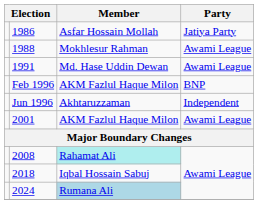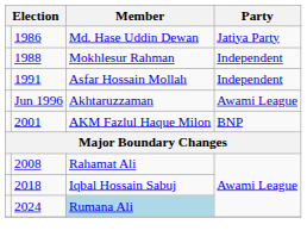 <table class="wikitable">
 <tr>
 <th colspan="2">Election</th>
 <th>Member</th>
 <th>Party</th>
 </tr>
 <tr>
 <td style="background-color:"></td>
 <td><a href='#'>1986</a></td>
-<td><a href='#'>Asfar Hossain Mollah</a></td>
+<td><a href='#'>Md. Hase Uddin Dewan</a></td>
 <td><a href='#'>Jatiya Party</a></td>
 </tr>
 <tr>
 <td style="background-color:"></td>
 <td><a href='#'>1988</a></td>
 <td><a href='#'>Mokhlesur Rahman</a></td>
-<td><a href='#'>Awami League</a></td>
+<td><a href='#'>Independent</a></td>
 </tr>
 <tr>
 <td style="background-color:"></td>
 <td><a href='#'>1991</a></td>
-<td><a href='#'>Md. Hase Uddin Dewan</a></td>
-<td><a href='#'>Awami League</a></td>
-</tr>
-<tr>
-<td style="background-color:"></td>
-<td><a href='#'>Feb 1996</a></td>
-<td><a href='#'>AKM Fazlul Haque Milon</a></td>
-<td><a href='#'>BNP</a></td>
+<td><a href='#'>Asfar Hossain Mollah</a></td>
+<td><a href='#'>Independent</a></td>
 </tr>
 <tr>
 <td style="background-color:"></td>
 <td><a href='#'>Jun 1996</a></td>
 <td><a href='#'>Akhtaruzzaman</a></td>
-<td><a href='#'>Independent</a></td>
+<td><a href='#'>Awami League</a></td>
 </tr>
 <tr>
 <td style="background-color:"></td>
 <td><a href='#'>2001</a></td>
 <td><a href='#'>AKM Fazlul Haque Milon</a></td>
-<td><a href='#'>Awami League</a></td>
+<td><a href='#'>BNP</a></td>
 </tr>
 <tr>
 <th colspan="4"><strong>Major Boundary Changes</strong></th>
 </tr>
 <tr>
 <td style="background-color:"></td>
 <td><a href='#'>2008</a></td>
-<td style="background: paleturquoise;"><a href='#'>Rahamat Ali</a></td>
+<td><a href='#'>Rahamat Ali</a></td>
 <td rowspan="3"><a href='#'>Awami League</a></td>
 </tr>
 <tr>
 <td style="background-color:"></td>
 <td><a href='#'>2018</a></td>
 <td><a href='#'>Iqbal Hossain Sabuj</a></td>
 </tr>
 <tr>
 <td style="background-color:"></td>
 <td><a href='#'>2024</a></td>
 <td style="background: lightblue;"><a href='#'>Rumana Ali</a></td>
 </tr>
 <tr>
 </tr>
 </table>
